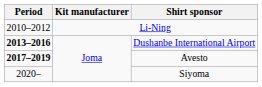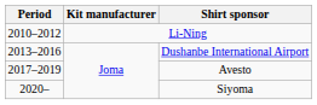 <table class="wikitable" style="text-align:center;">
 <tr>
 <th>Period</th>
 <th>Kit manufacturer</th>
 <th>Shirt sponsor</th>
 </tr>
 <tr>
 <td>2010–2012</td>
 <td colspan="2"><a href='#'>Li-Ning</a></td>
 </tr>
 <tr>
-<td><strong>2013–2016</strong></td>
+<td>2013–2016</td>
 <td rowspan="3"><a href='#'>Joma</a></td>
 <td><a href='#'>Dushanbe International Airport</a></td>
 </tr>
 <tr>
-<td><strong>2017–2019</strong></td>
+<td>2017–2019</td>
 <td>Avesto</td>
 </tr>
 <tr>
 <td>2020–</td>
 <td>Siyoma</td>
 </tr>
 </table>
